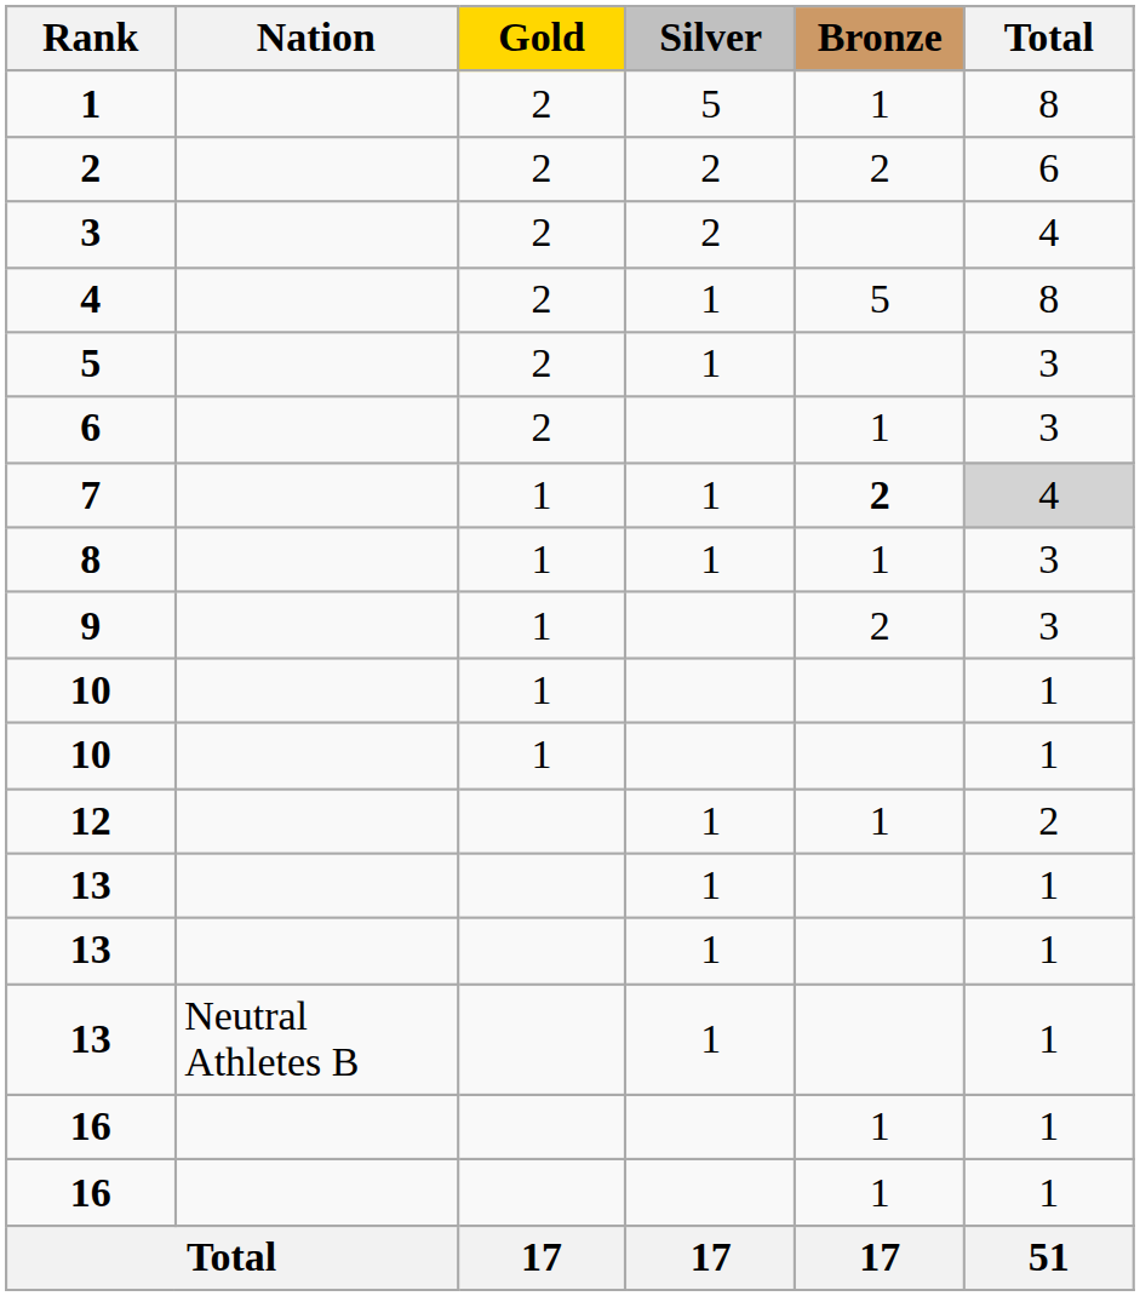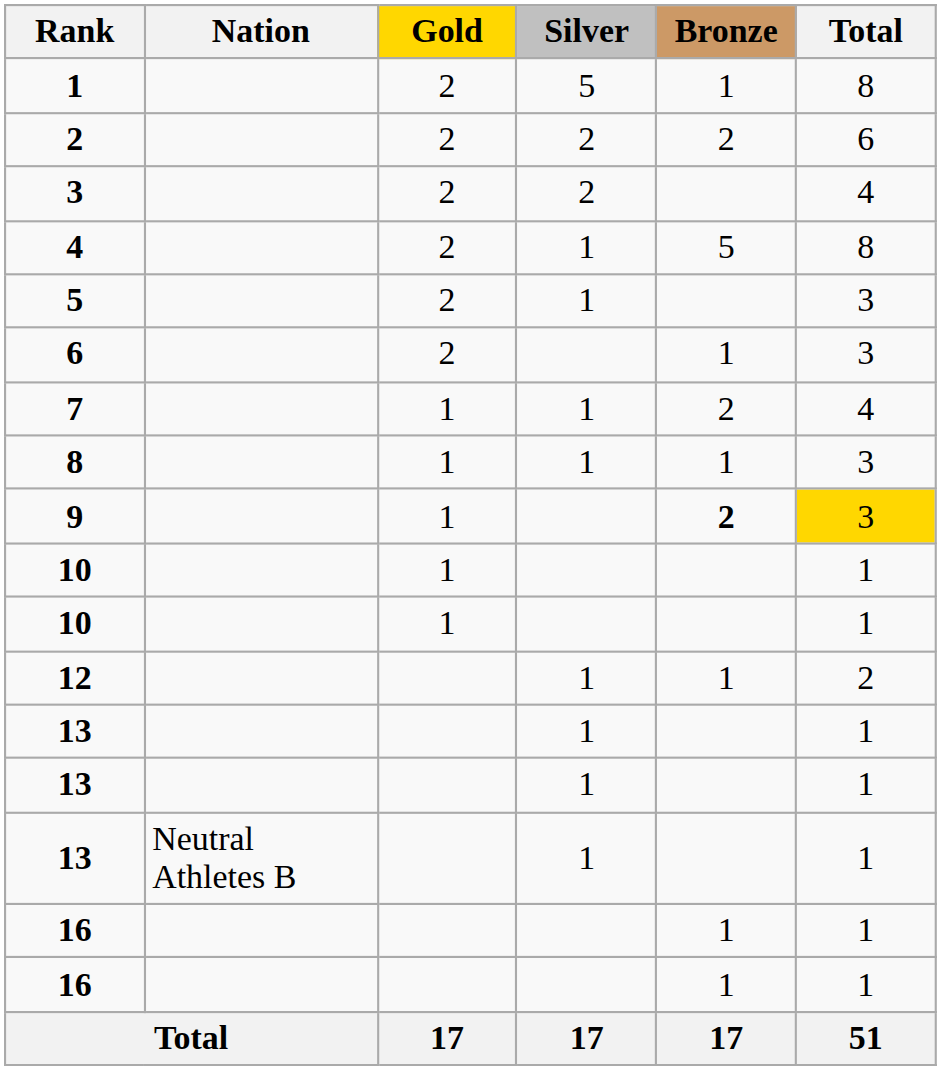 <table class="wikitable collapsible autocollapse plainrowheaders" width=70.5% style="text-align:center;">
 <tr style="background-color:#EDEDED;">
 <th width=100px class="hintergrundfarbe5">Rank</th>
 <th width=200px class="hintergrundfarbe6">Nation</th>
 <th style="background:    gold; width:15%">Gold</th>
 <th style="background:  silver; width:15%">Silver</th>
 <th style="background: #CC9966; width:15%">Bronze</th>
 <th class="hintergrundfarbe6" style="width:15%">Total</th>
 </tr>
 <tr>
 <td><strong>1</strong></td>
 <td align=left></td>
 <td>2</td>
 <td>5</td>
 <td>1</td>
 <td>8</td>
 </tr>
 <tr>
 <td><strong>2</strong></td>
 <td align=left></td>
 <td>2</td>
 <td>2</td>
 <td>2</td>
 <td>6</td>
 </tr>
 <tr>
 <td><strong>3</strong></td>
 <td align=left></td>
 <td>2</td>
 <td>2</td>
 <td></td>
 <td>4</td>
 </tr>
 <tr>
 <td><strong>4</strong></td>
 <td align=left></td>
 <td>2</td>
 <td>1</td>
 <td>5</td>
 <td>8</td>
 </tr>
 <tr>
 <td><strong>5</strong></td>
 <td align=left></td>
 <td>2</td>
 <td>1</td>
 <td></td>
 <td>3</td>
 </tr>
 <tr>
 <td><strong>6</strong></td>
 <td align=left></td>
 <td>2</td>
 <td></td>
 <td>1</td>
 <td>3</td>
 </tr>
 <tr>
 <td><strong>7</strong></td>
 <td align=left></td>
 <td>1</td>
 <td>1</td>
-<td><strong>2</strong></td>
-<td style="background: lightgrey;">4</td>
+<td>2</td>
+<td>4</td>
 </tr>
 <tr>
 <td><strong>8</strong></td>
 <td align=left></td>
 <td>1</td>
 <td>1</td>
 <td>1</td>
 <td>3</td>
 </tr>
 <tr>
 <td><strong>9</strong></td>
 <td align=left></td>
 <td>1</td>
 <td></td>
-<td>2</td>
-<td>3</td>
+<td><strong>2</strong></td>
+<td style="background: gold;">3</td>
 </tr>
 <tr>
 <td><strong>10</strong></td>
 <td align=left></td>
 <td>1</td>
 <td></td>
 <td></td>
 <td>1</td>
 </tr>
 <tr>
 <td><strong>10</strong></td>
 <td align=left></td>
 <td>1</td>
 <td></td>
 <td></td>
 <td>1</td>
 </tr>
 <tr>
 <td><strong>12</strong></td>
 <td align=left></td>
 <td></td>
 <td>1</td>
 <td>1</td>
 <td>2</td>
 </tr>
 <tr>
 <td><strong>13</strong></td>
 <td align=left></td>
 <td></td>
 <td>1</td>
 <td></td>
 <td>1</td>
 </tr>
 <tr>
 <td><strong>13</strong></td>
 <td align=left></td>
 <td></td>
 <td>1</td>
 <td></td>
 <td>1</td>
 </tr>
 <tr>
 <td><strong>13</strong></td>
 <td align=left> Neutral Athletes B</td>
 <td></td>
 <td>1</td>
 <td></td>
 <td>1</td>
 </tr>
 <tr>
 <td><strong>16</strong></td>
 <td align=left></td>
 <td></td>
 <td></td>
 <td>1</td>
 <td>1</td>
 </tr>
 <tr>
 <td><strong>16</strong></td>
 <td align=left></td>
 <td></td>
 <td></td>
 <td>1</td>
 <td>1</td>
 </tr>
 <tr>
 <th colspan=2>Total</th>
 <th>17</th>
 <th>17</th>
 <th>17</th>
 <th>51</th>
 </tr>
 </table>
